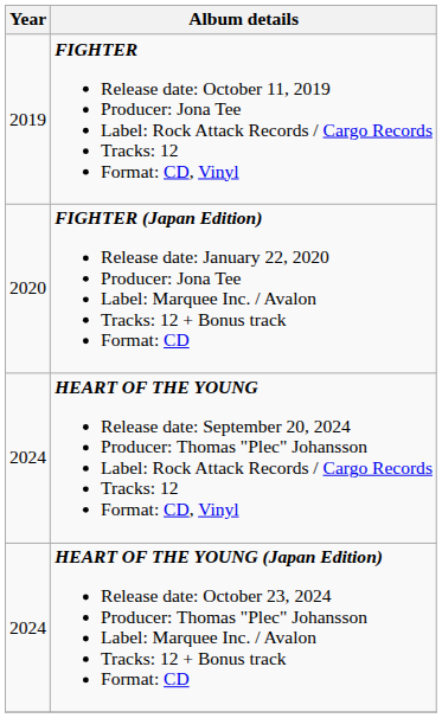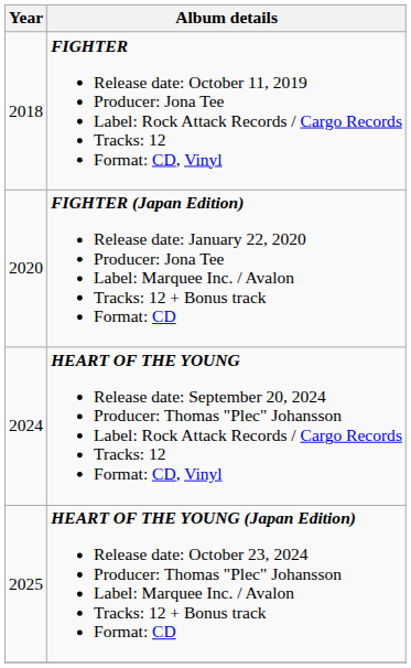 <table class="wikitable" style="text-align:center">
 <tr>
 <th>Year</th>
 <th>Album details</th>
 </tr>
 <tr>
-<td>2019</td>
+<td>2018</td>
 <td align="left"><strong><em>FIGHTER</em></strong><br><ul><li>Release date: October 11, 2019</li><li>Producer: Jona Tee</li><li>Label: Rock Attack Records / <a href='#'>Cargo Records</a></li><li>Tracks: 12</li><li>Format: <a href='#'>CD</a>, <a href='#'>Vinyl</a></li></ul></td>
 </tr>
 <tr>
 <td>2020</td>
 <td align="left"><strong><em>FIGHTER (Japan Edition)</em></strong><br><ul><li>Release date: January 22, 2020</li><li>Producer: Jona Tee</li><li>Label: Marquee Inc. / Avalon</li><li>Tracks: 12 + Bonus track</li><li>Format: <a href='#'>CD</a></li></ul></td>
 </tr>
 <tr>
 <td>2024</td>
 <td align="left"><strong><em>HEART OF THE YOUNG</em></strong><br><ul><li>Release date: September 20, 2024</li><li>Producer: Thomas "Plec" Johansson</li><li>Label: Rock Attack Records / <a href='#'>Cargo Records</a></li><li>Tracks: 12</li><li>Format: <a href='#'>CD</a>, <a href='#'>Vinyl</a></li></ul></td>
 </tr>
 <tr>
-<td>2024</td>
+<td>2025</td>
 <td align="left"><strong><em>HEART OF THE YOUNG (Japan Edition)</em></strong><br><ul><li>Release date: October 23, 2024</li><li>Producer: Thomas "Plec" Johansson</li><li>Label: Marquee Inc. / Avalon</li><li>Tracks: 12 + Bonus track</li><li>Format: <a href='#'>CD</a></li></ul></td>
 </tr>
 <tr>
 </tr>
 </table>
